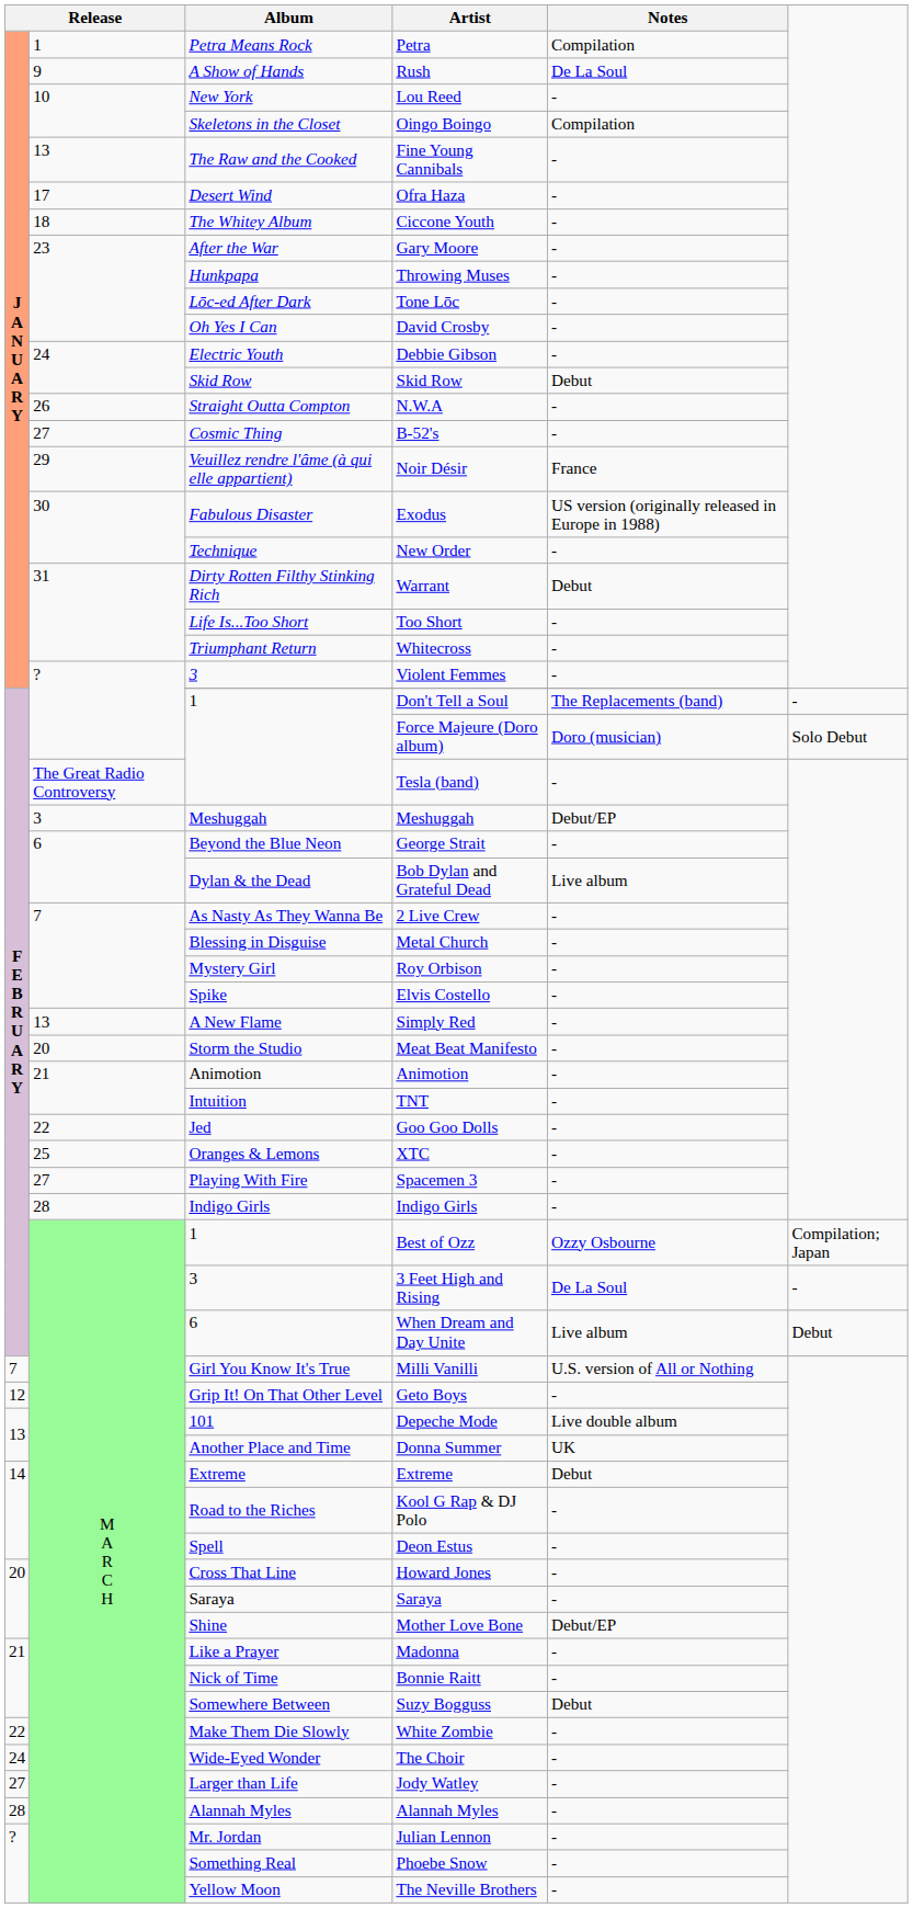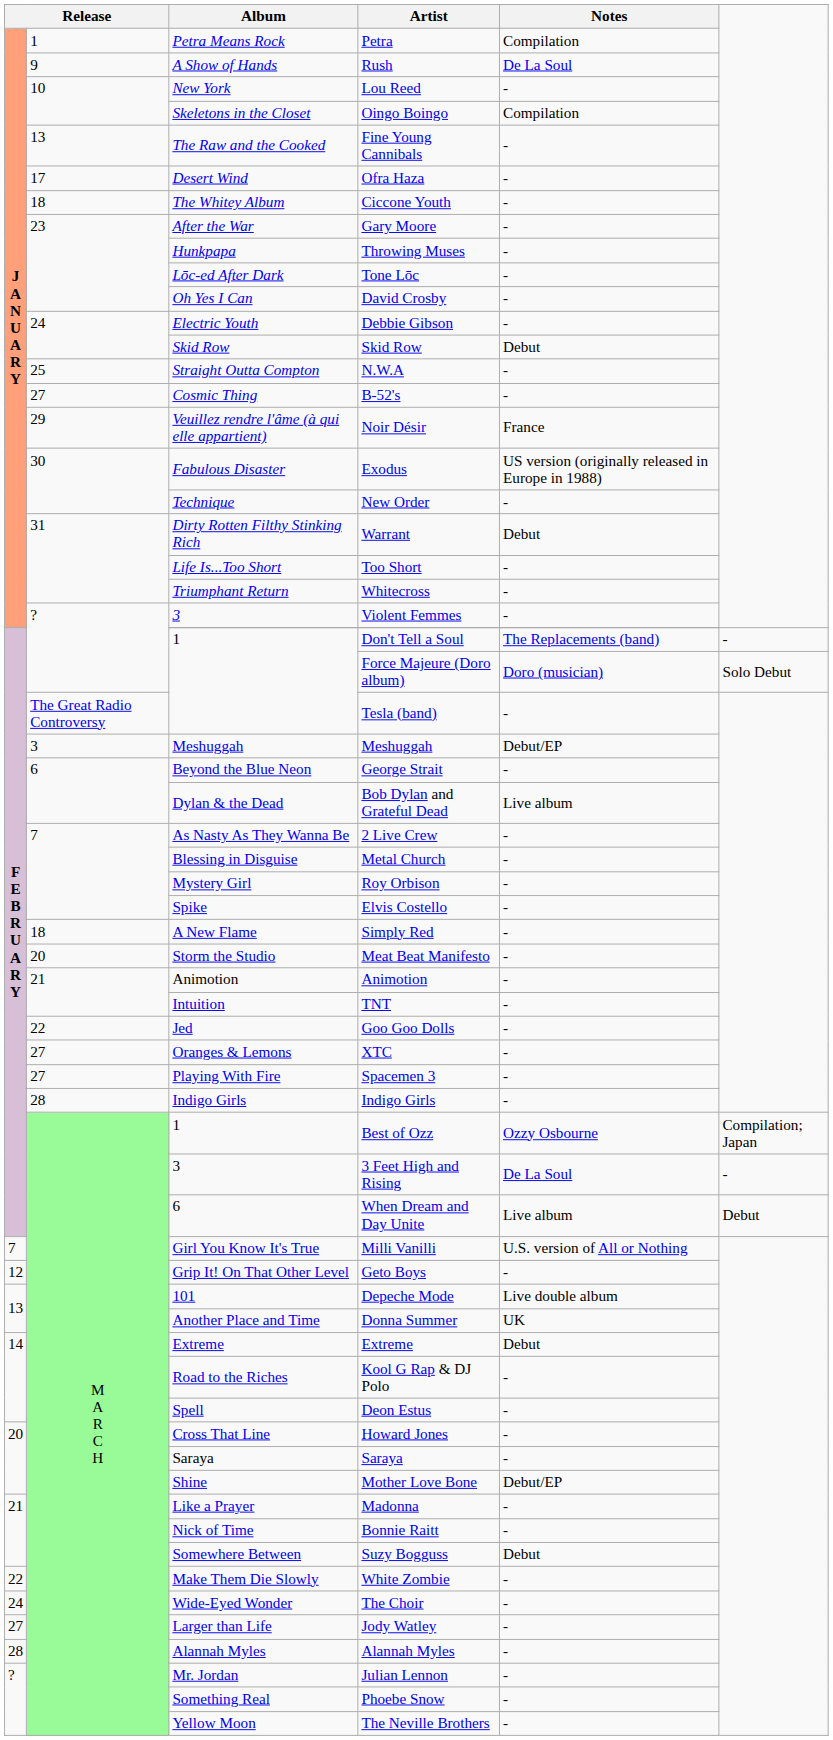 <table class="wikitable">
 <tr>
 <th colspan="2">Release</th>
 <th>Album</th>
 <th>Artist</th>
 <th>Notes</th>
 </tr>
 <tr>
 <td rowspan="22" valign="center" align="center" style="background:#FFA07A; textcolor:#000;"><strong>J<br>A<br>N<br>U<br>A<br>R<br>Y</strong></td>
 <td valign="top">1</td>
 <td><em><a href='#'>Petra Means Rock</a></em></td>
 <td><a href='#'>Petra</a></td>
 <td>Compilation</td>
 </tr>
 <tr>
 <td valign="top">9</td>
 <td><em><a href='#'>A Show of Hands</a></em></td>
 <td><a href='#'>Rush</a></td>
 <td><a href='#'>De La Soul</a></td>
 </tr>
 <tr>
 <td rowspan="2" valign="top">10</td>
 <td><em><a href='#'>New York</a></em></td>
 <td><a href='#'>Lou Reed</a></td>
 <td>-</td>
 </tr>
 <tr>
 <td><em><a href='#'>Skeletons in the Closet</a></em></td>
 <td><a href='#'>Oingo Boingo</a></td>
 <td>Compilation</td>
 </tr>
 <tr>
 <td valign="top">13</td>
 <td><em><a href='#'>The Raw and the Cooked</a></em></td>
 <td><a href='#'>Fine Young Cannibals</a></td>
 <td>-</td>
 </tr>
 <tr>
 <td valign="top">17</td>
 <td><em><a href='#'>Desert Wind</a></em></td>
 <td><a href='#'>Ofra Haza</a></td>
 <td>-</td>
 </tr>
 <tr>
 <td valign="top">18</td>
 <td><em><a href='#'>The Whitey Album</a></em></td>
 <td><a href='#'>Ciccone Youth</a></td>
 <td>-</td>
 </tr>
 <tr>
 <td rowspan="4" valign="top">23</td>
 <td><em><a href='#'>After the War</a></em></td>
 <td><a href='#'>Gary Moore</a></td>
 <td>-</td>
 </tr>
 <tr>
 <td><em><a href='#'>Hunkpapa</a></em></td>
 <td><a href='#'>Throwing Muses</a></td>
 <td>-</td>
 </tr>
 <tr>
 <td><em><a href='#'>Lōc-ed After Dark</a></em></td>
 <td><a href='#'>Tone Lōc</a></td>
 <td>-</td>
 </tr>
 <tr>
 <td><em><a href='#'>Oh Yes I Can</a></em></td>
 <td><a href='#'>David Crosby</a></td>
 <td>-</td>
 </tr>
 <tr>
 <td rowspan="2" valign="top">24</td>
 <td><em><a href='#'>Electric Youth</a></em></td>
 <td><a href='#'>Debbie Gibson</a></td>
 <td>-</td>
 </tr>
 <tr>
 <td><em><a href='#'>Skid Row</a></em></td>
 <td><a href='#'>Skid Row</a></td>
 <td>Debut</td>
 </tr>
 <tr>
-<td valign="top">26</td>
+<td valign="top">25</td>
 <td><em><a href='#'>Straight Outta Compton</a></em></td>
 <td><a href='#'>N.W.A</a></td>
 <td>-</td>
 </tr>
 <tr>
 <td valign="top">27</td>
 <td><em><a href='#'>Cosmic Thing</a></em></td>
 <td><a href='#'>B-52's</a></td>
 <td>-</td>
 </tr>
 <tr>
 <td valign="top">29</td>
 <td><em><a href='#'>Veuillez rendre l'âme (à qui elle appartient)</a></em></td>
 <td><a href='#'>Noir Désir</a></td>
 <td>France</td>
 </tr>
 <tr>
 <td rowspan="2" valign="top">30</td>
 <td><em><a href='#'>Fabulous Disaster</a></em></td>
 <td><a href='#'>Exodus</a></td>
 <td>US version (originally released in Europe in 1988)</td>
 </tr>
 <tr>
 <td><em><a href='#'>Technique</a></em></td>
 <td><a href='#'>New Order</a></td>
 <td>-</td>
 </tr>
 <tr>
 <td rowspan="3" valign="top">31</td>
 <td><em><a href='#'>Dirty Rotten Filthy Stinking Rich</a></em></td>
 <td><a href='#'>Warrant</a></td>
 <td>Debut</td>
 </tr>
 <tr>
 <td><em><a href='#'>Life Is...Too Short</a></em></td>
 <td><a href='#'>Too Short</a></td>
 <td>-</td>
 </tr>
 <tr>
 <td><em><a href='#'>Triumphant Return</a></em></td>
 <td><a href='#'>Whitecross</a></td>
 <td>-</td>
 </tr>
 <tr>
 <td rowspan="4" valign="top">?</td>
 <td><em><a href='#'>3</a></em></td>
 <td><a href='#'>Violent Femmes</a></td>
 <td>-</td>
 </tr>
 <tr>
 <td rowspan="22" valign="center" align="center" style="background:#D8BFD8; textcolor:#000;"><strong>F<br>E<br>B<br>R<br>U<br>A<br>R<br>Y<em></td>
 </tr>
 <tr>
 <td rowspan="3" valign="top">1</td>
 <td></em><a href='#'>Don't Tell a Soul</a><em></td>
 <td><a href='#'>The Replacements (band)</a></td>
 <td>-</td>
 </tr>
 <tr>
 <td></em><a href='#'>Force Majeure (Doro album)</a><em></td>
 <td><a href='#'>Doro (musician)</a></td>
 <td>Solo Debut</td>
 </tr>
 <tr>
 <td></em><a href='#'>The Great Radio Controversy</a><em></td>
 <td><a href='#'>Tesla (band)</a></td>
 <td>-</td>
 </tr>
 <tr>
 <td valign="top">3</td>
 <td></em><a href='#'>Meshuggah</a><em></td>
 <td><a href='#'>Meshuggah</a></td>
 <td>Debut/EP</td>
 </tr>
 <tr>
 <td rowspan="2" valign="top">6</td>
 <td></em><a href='#'>Beyond the Blue Neon</a><em></td>
 <td><a href='#'>George Strait</a></td>
 <td>-</td>
 </tr>
 <tr>
 <td></em><a href='#'>Dylan & the Dead</a><em></td>
 <td><a href='#'>Bob Dylan</a> and <a href='#'>Grateful Dead</a></td>
 <td>Live album</td>
 </tr>
 <tr>
 <td rowspan="4" valign="top">7</td>
 <td></em><a href='#'>As Nasty As They Wanna Be</a><em></td>
 <td><a href='#'>2 Live Crew</a></td>
 <td>-</td>
 </tr>
 <tr>
 <td></em><a href='#'>Blessing in Disguise</a><em></td>
 <td><a href='#'>Metal Church</a></td>
 <td>-</td>
 </tr>
 <tr>
 <td></em><a href='#'>Mystery Girl</a><em></td>
 <td><a href='#'>Roy Orbison</a></td>
 <td>-</td>
 </tr>
 <tr>
 <td></em><a href='#'>Spike</a><em></td>
 <td><a href='#'>Elvis Costello</a></td>
 <td>-</td>
 </tr>
 <tr>
-<td valign="top">13</td>
+<td valign="top">18</td>
 <td></em><a href='#'>A New Flame</a><em></td>
 <td><a href='#'>Simply Red</a></td>
 <td>-</td>
 </tr>
 <tr>
 <td valign="top">20</td>
 <td></em><a href='#'>Storm the Studio</a><em></td>
 <td><a href='#'>Meat Beat Manifesto</a></td>
 <td>-</td>
 </tr>
 <tr>
 <td rowspan="2" valign="top">21</td>
 <td></em>Animotion<em></td>
 <td><a href='#'>Animotion</a></td>
 <td>-</td>
 </tr>
 <tr>
 <td></em><a href='#'>Intuition</a><em></td>
 <td><a href='#'>TNT</a></td>
 <td>-</td>
 </tr>
 <tr>
 <td valign="top">22</td>
 <td></em><a href='#'>Jed</a><em></td>
 <td><a href='#'>Goo Goo Dolls</a></td>
 <td>-</td>
 </tr>
 <tr>
-<td valign="top">25</td>
+<td valign="top">27</td>
 <td></em><a href='#'>Oranges & Lemons</a><em></td>
 <td><a href='#'>XTC</a></td>
 <td>-</td>
 </tr>
 <tr>
 <td valign="top">27</td>
 <td></em><a href='#'>Playing With Fire</a><em></td>
 <td><a href='#'>Spacemen 3</a></td>
 <td>-</td>
 </tr>
 <tr>
 <td valign="top">28</td>
 <td></em><a href='#'>Indigo Girls</a><em></td>
 <td><a href='#'>Indigo Girls</a></td>
 <td>-</td>
 </tr>
 <tr>
 <td rowspan="23" valign="center" align="center" style="background:#98FB98; textcolor:#000;"></strong>M<br>A<br>R<br>C<br>H<strong></td>
 <td valign="top">1</td>
 <td></em><a href='#'>Best of Ozz</a><em></td>
 <td><a href='#'>Ozzy Osbourne</a></td>
 <td>Compilation; Japan</td>
 </tr>
 <tr>
 <td valign="top">3</td>
 <td></em><a href='#'>3 Feet High and Rising</a><em></td>
 <td><a href='#'>De La Soul</a></td>
 <td>-</td>
 </tr>
 <tr>
 <td valign="top">6</td>
 <td></em><a href='#'>When Dream and Day Unite</a><em></td>
 <td>Live album</td>
 <td>Debut</td>
 </tr>
 <tr>
 <td valign="top">7</td>
 <td></em><a href='#'>Girl You Know It's True</a><em></td>
 <td><a href='#'>Milli Vanilli</a></td>
 <td>U.S. version of </em><a href='#'>All or Nothing</a><em></td>
 </tr>
 <tr>
 <td valign="top">12</td>
 <td></em><a href='#'>Grip It! On That Other Level</a><em></td>
 <td><a href='#'>Geto Boys</a></td>
 <td>-</td>
 </tr>
 <tr>
 <td rowspan="2" valling="top">13</td>
 <td></em><a href='#'>101</a><em></td>
 <td><a href='#'>Depeche Mode</a></td>
 <td>Live double album</td>
 </tr>
 <tr>
 <td></em><a href='#'>Another Place and Time</a><em></td>
 <td><a href='#'>Donna Summer</a></td>
 <td>UK</td>
 </tr>
 <tr>
 <td rowspan="3" valign="top">14</td>
 <td></em><a href='#'>Extreme</a><em></td>
 <td><a href='#'>Extreme</a></td>
 <td>Debut</td>
 </tr>
 <tr>
 <td></em><a href='#'>Road to the Riches</a><em></td>
 <td><a href='#'>Kool G Rap</a> & DJ Polo</td>
 <td>-</td>
 </tr>
 <tr>
 <td></em><a href='#'>Spell</a><em></td>
 <td><a href='#'>Deon Estus</a></td>
 <td>-</td>
 </tr>
 <tr>
 <td rowspan="3" valign="top">20</td>
 <td></em><a href='#'>Cross That Line</a><em></td>
 <td><a href='#'>Howard Jones</a></td>
 <td>-</td>
 </tr>
 <tr>
 <td></em>Saraya<em></td>
 <td><a href='#'>Saraya</a></td>
 <td>-</td>
 </tr>
 <tr>
 <td></em><a href='#'>Shine</a><em></td>
 <td><a href='#'>Mother Love Bone</a></td>
 <td>Debut/EP</td>
 </tr>
 <tr>
 <td rowspan="3" valign="top">21</td>
 <td></em><a href='#'>Like a Prayer</a><em></td>
 <td><a href='#'>Madonna</a></td>
 <td>-</td>
 </tr>
 <tr>
 <td></em><a href='#'>Nick of Time</a><em></td>
 <td><a href='#'>Bonnie Raitt</a></td>
 <td>-</td>
 </tr>
 <tr>
 <td></em><a href='#'>Somewhere Between</a><em></td>
 <td><a href='#'>Suzy Bogguss</a></td>
 <td>Debut</td>
 </tr>
 <tr>
 <td valign="top">22</td>
 <td></em><a href='#'>Make Them Die Slowly</a><em></td>
 <td><a href='#'>White Zombie</a></td>
 <td>-</td>
 </tr>
 <tr>
 <td valign="top">24</td>
 <td></em><a href='#'>Wide-Eyed Wonder</a><em></td>
 <td><a href='#'>The Choir</a></td>
 <td>-</td>
 </tr>
 <tr>
 <td valign="top">27</td>
 <td></em><a href='#'>Larger than Life</a><em></td>
 <td><a href='#'>Jody Watley</a></td>
 <td>-</td>
 </tr>
 <tr>
 <td valign="top">28</td>
 <td></em><a href='#'>Alannah Myles</a><em></td>
 <td><a href='#'>Alannah Myles</a></td>
 <td>-</td>
 </tr>
 <tr>
 <td rowspan="3" valign="top">?</td>
 <td></em><a href='#'>Mr. Jordan</a><em></td>
 <td><a href='#'>Julian Lennon</a></td>
 <td>-</td>
 </tr>
 <tr>
 <td></em><a href='#'>Something Real</a><em></td>
 <td><a href='#'>Phoebe Snow</a></td>
 <td>-</td>
 </tr>
 <tr>
 <td></em><a href='#'>Yellow Moon</a><em></td>
 <td><a href='#'>The Neville Brothers</a></td>
 <td>-</td>
 </tr>
 </table>
